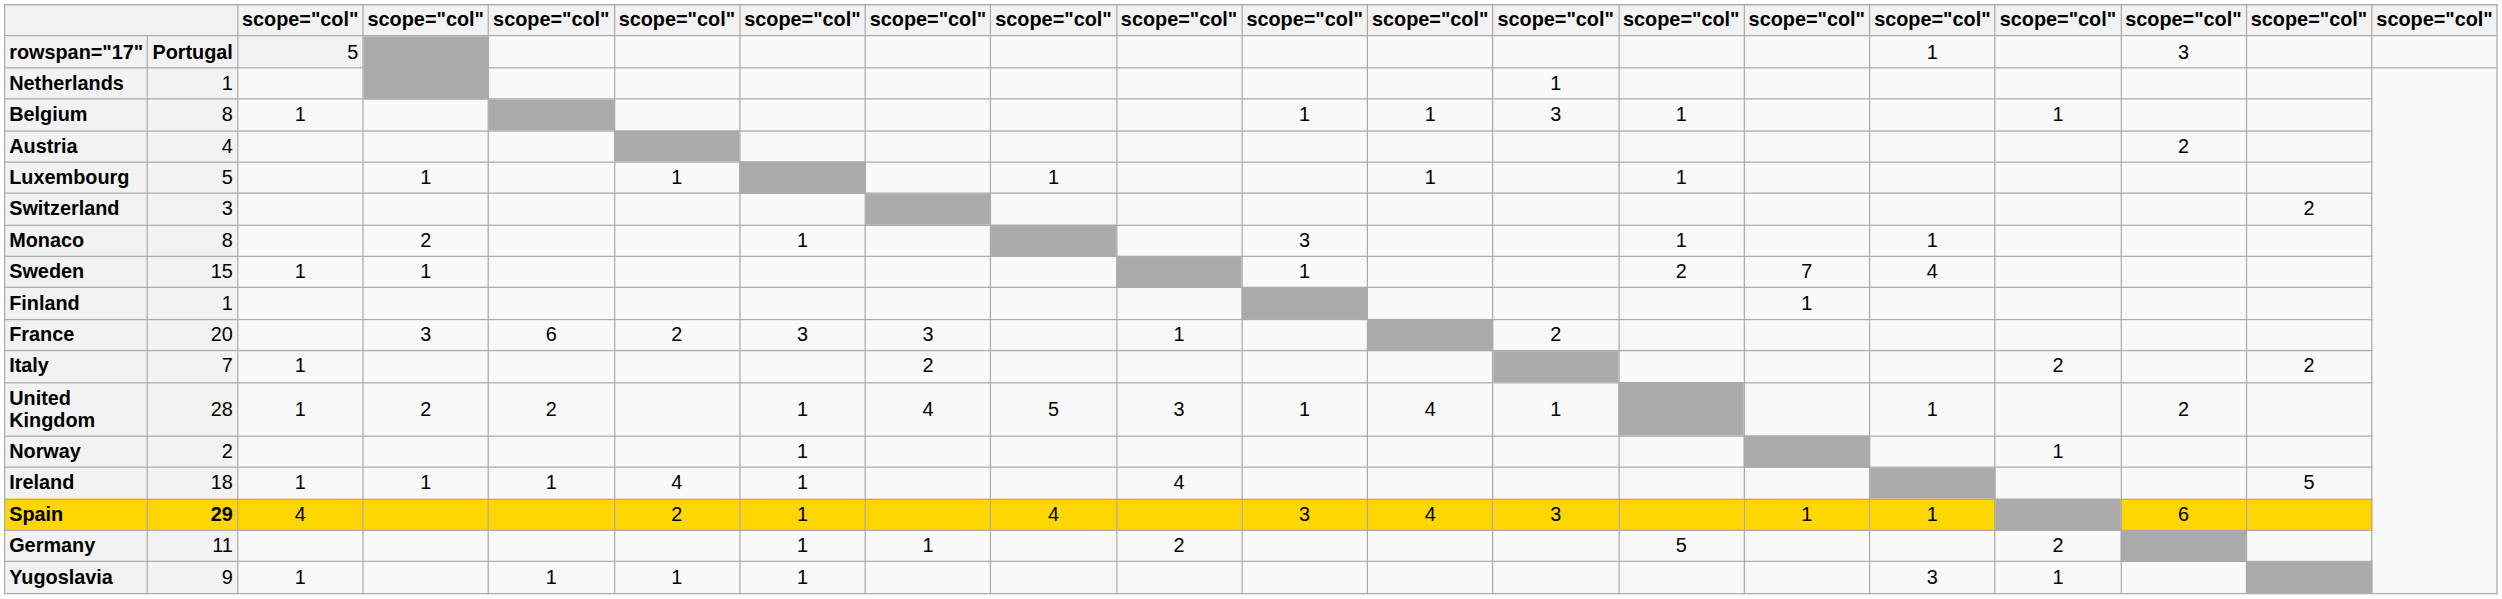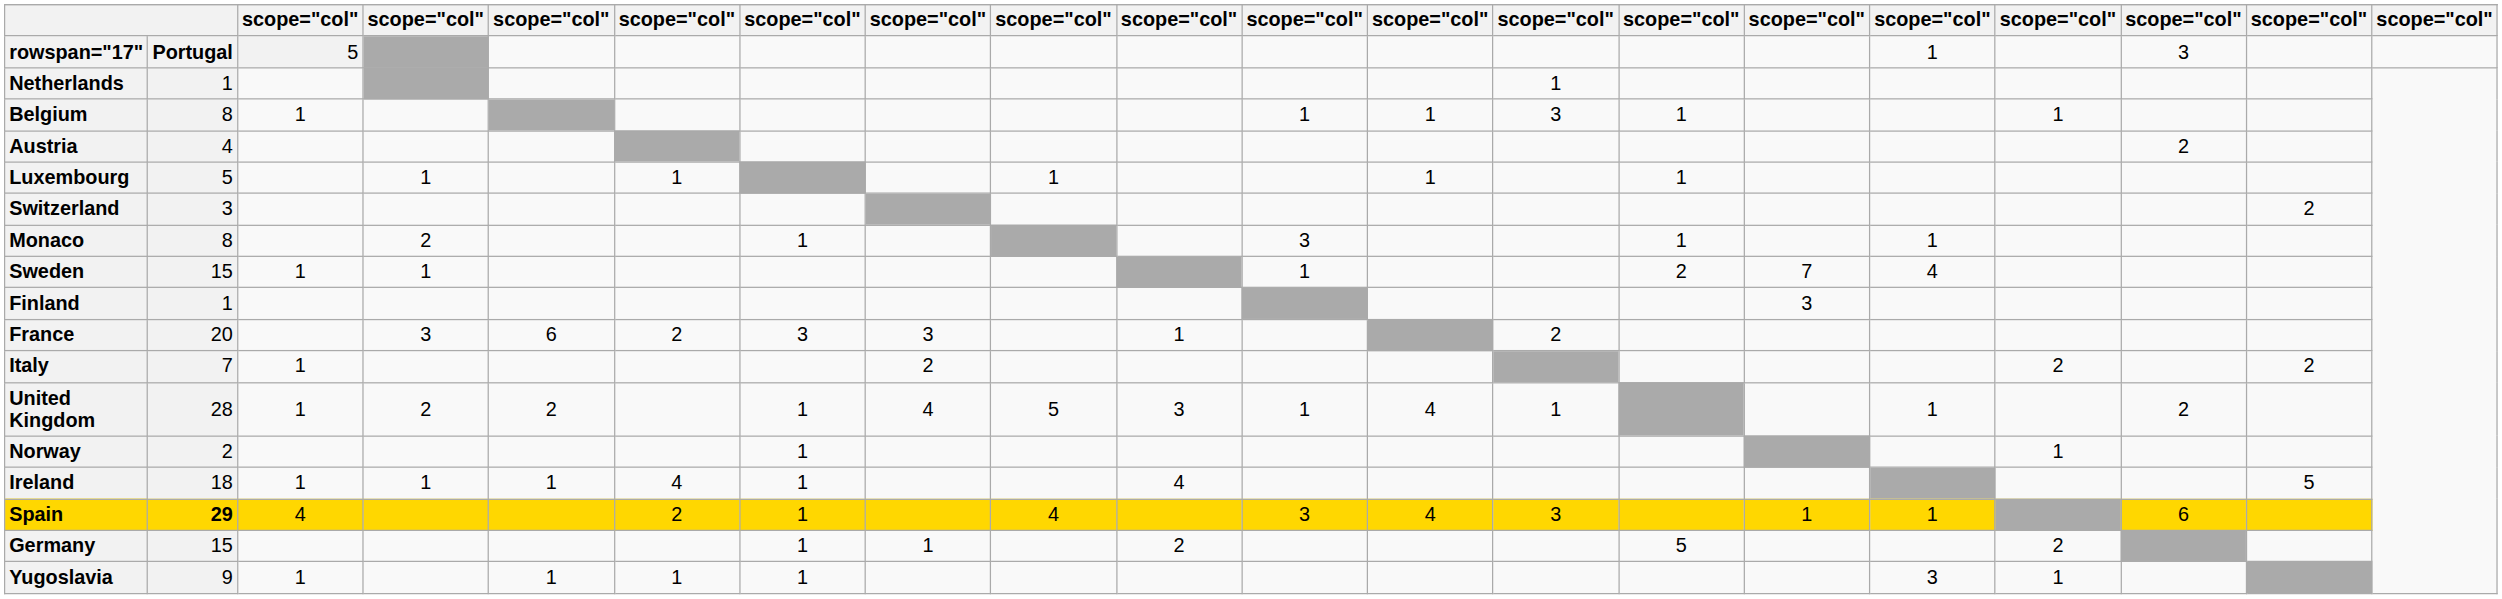 <table class="wikitable plainrowheaders" style="text-align:center;">
 <tr>
 </tr>
 <tr>
 <th colspan="2"></th>
 <th>scope="col" </th>
 <th>scope="col" </th>
 <th>scope="col" </th>
 <th>scope="col" </th>
 <th>scope="col" </th>
 <th>scope="col" </th>
 <th>scope="col" </th>
 <th>scope="col" </th>
 <th>scope="col" </th>
 <th>scope="col" </th>
 <th>scope="col" </th>
 <th>scope="col" </th>
 <th>scope="col" </th>
 <th>scope="col" </th>
 <th>scope="col" </th>
 <th>scope="col" </th>
 <th>scope="col" </th>
 <th>scope="col" </th>
 </tr>
 <tr>
 <th>rowspan="17" </th>
 <th scope="row" style="text-align:left; background:#f2f2f2;">Portugal</th>
 <td style="text-align:right; background:#f2f2f2;">5</td>
 <td style="text-align:left; background:#AAAAAA;"></td>
 <td></td>
 <td></td>
 <td></td>
 <td></td>
 <td></td>
 <td></td>
 <td></td>
 <td></td>
 <td></td>
 <td></td>
 <td></td>
 <td>1</td>
 <td></td>
 <td>3</td>
 <td></td>
 <td></td>
 </tr>
 <tr>
 <th scope="row" style="text-align:left; background:#f2f2f2;">Netherlands</th>
 <td style="text-align:right; background:#f2f2f2;">1</td>
 <td></td>
 <td style="text-align:left; background:#AAAAAA;"></td>
 <td></td>
 <td></td>
 <td></td>
 <td></td>
 <td></td>
 <td></td>
 <td></td>
 <td></td>
 <td>1</td>
 <td></td>
 <td></td>
 <td></td>
 <td></td>
 <td></td>
 <td></td>
 </tr>
 <tr>
 <th scope="row" style="text-align:left; background:#f2f2f2;">Belgium</th>
 <td style="text-align:right; background:#f2f2f2;">8</td>
 <td>1</td>
 <td></td>
 <td style="text-align:left; background:#AAAAAA;"></td>
 <td></td>
 <td></td>
 <td></td>
 <td></td>
 <td></td>
 <td>1</td>
 <td>1</td>
 <td>3</td>
 <td>1</td>
 <td></td>
 <td></td>
 <td>1</td>
 <td></td>
 <td></td>
 </tr>
 <tr>
 <th scope="row" style="text-align:left; background:#f2f2f2;">Austria</th>
 <td style="text-align:right; background:#f2f2f2;">4</td>
 <td></td>
 <td></td>
 <td></td>
 <td style="text-align:left; background:#AAAAAA;"></td>
 <td></td>
 <td></td>
 <td></td>
 <td></td>
 <td></td>
 <td></td>
 <td></td>
 <td></td>
 <td></td>
 <td></td>
 <td></td>
 <td>2</td>
 <td></td>
 </tr>
 <tr>
 <th scope="row" style="text-align:left; background:#f2f2f2;">Luxembourg</th>
 <td style="text-align:right; background:#f2f2f2;">5</td>
 <td></td>
 <td>1</td>
 <td></td>
 <td>1</td>
 <td style="text-align:left; background:#AAAAAA;"></td>
 <td></td>
 <td>1</td>
 <td></td>
 <td></td>
 <td>1</td>
 <td></td>
 <td>1</td>
 <td></td>
 <td></td>
 <td></td>
 <td></td>
 <td></td>
 </tr>
 <tr>
 <th scope="row" style="text-align:left; background:#f2f2f2;">Switzerland</th>
 <td style="text-align:right; background:#f2f2f2;">3</td>
 <td></td>
 <td></td>
 <td></td>
 <td></td>
 <td></td>
 <td style="text-align:left; background:#AAAAAA;"></td>
 <td></td>
 <td></td>
 <td></td>
 <td></td>
 <td></td>
 <td></td>
 <td></td>
 <td></td>
 <td></td>
 <td></td>
 <td>2</td>
 </tr>
 <tr>
 <th scope="row" style="text-align:left; background:#f2f2f2;">Monaco</th>
 <td style="text-align:right; background:#f2f2f2;">8</td>
 <td></td>
 <td>2</td>
 <td></td>
 <td></td>
 <td>1</td>
 <td></td>
 <td style="text-align:left; background:#AAAAAA;"></td>
 <td></td>
 <td>3</td>
 <td></td>
 <td></td>
 <td>1</td>
 <td></td>
 <td>1</td>
 <td></td>
 <td></td>
 <td></td>
 </tr>
 <tr>
 <th scope="row" style="text-align:left; background:#f2f2f2;">Sweden</th>
 <td style="text-align:right; background:#f2f2f2;">15</td>
 <td>1</td>
 <td>1</td>
 <td></td>
 <td></td>
 <td></td>
 <td></td>
 <td></td>
 <td style="text-align:left; background:#AAAAAA;"></td>
 <td>1</td>
 <td></td>
 <td></td>
 <td>2</td>
 <td>7</td>
 <td>4</td>
 <td></td>
 <td></td>
 <td></td>
 </tr>
 <tr>
 <th scope="row" style="text-align:left; background:#f2f2f2;">Finland</th>
 <td style="text-align:right; background:#f2f2f2;">1</td>
 <td></td>
 <td></td>
 <td></td>
 <td></td>
 <td></td>
 <td></td>
 <td></td>
 <td></td>
 <td style="text-align:left; background:#AAAAAA;"></td>
 <td></td>
 <td></td>
 <td></td>
-<td>1</td>
+<td>3</td>
 <td></td>
 <td></td>
 <td></td>
 <td></td>
 </tr>
 <tr>
 <th scope="row" style="text-align:left; background:#f2f2f2;">France</th>
 <td style="text-align:right; background:#f2f2f2;">20</td>
 <td></td>
 <td>3</td>
 <td>6</td>
 <td>2</td>
 <td>3</td>
 <td>3</td>
 <td></td>
 <td>1</td>
 <td></td>
 <td style="text-align:left; background:#AAAAAA;"></td>
 <td>2</td>
 <td></td>
 <td></td>
 <td></td>
 <td></td>
 <td></td>
 <td></td>
 </tr>
 <tr>
 <th scope="row" style="text-align:left; background:#f2f2f2;">Italy</th>
 <td style="text-align:right; background:#f2f2f2;">7</td>
 <td>1</td>
 <td></td>
 <td></td>
 <td></td>
 <td></td>
 <td>2</td>
 <td></td>
 <td></td>
 <td></td>
 <td></td>
 <td style="text-align:left; background:#AAAAAA;"></td>
 <td></td>
 <td></td>
 <td></td>
 <td>2</td>
 <td></td>
 <td>2</td>
 </tr>
 <tr>
 <th scope="row" style="text-align:left; background:#f2f2f2;">United Kingdom</th>
 <td style="text-align:right; background:#f2f2f2;">28</td>
 <td>1</td>
 <td>2</td>
 <td>2</td>
 <td></td>
 <td>1</td>
 <td>4</td>
 <td>5</td>
 <td>3</td>
 <td>1</td>
 <td>4</td>
 <td>1</td>
 <td style="text-align:left; background:#AAAAAA;"></td>
 <td></td>
 <td>1</td>
 <td></td>
 <td>2</td>
 <td></td>
 </tr>
 <tr>
 <th scope="row" style="text-align:left; background:#f2f2f2;">Norway</th>
 <td style="text-align:right; background:#f2f2f2;">2</td>
 <td></td>
 <td></td>
 <td></td>
 <td></td>
 <td>1</td>
 <td></td>
 <td></td>
 <td></td>
 <td></td>
 <td></td>
 <td></td>
 <td></td>
 <td style="text-align:left; background:#AAAAAA;"></td>
 <td></td>
 <td>1</td>
 <td></td>
 <td></td>
 </tr>
 <tr>
 <th scope="row" style="text-align:left; background:#f2f2f2;">Ireland</th>
 <td style="text-align:right; background:#f2f2f2;">18</td>
 <td>1</td>
 <td>1</td>
 <td>1</td>
 <td>4</td>
 <td>1</td>
 <td></td>
 <td></td>
 <td>4</td>
 <td></td>
 <td></td>
 <td></td>
 <td></td>
 <td></td>
 <td style="text-align:left; background:#AAAAAA;"></td>
 <td></td>
 <td></td>
 <td>5</td>
 </tr>
 <tr style="background:gold;">
 <th scope="row" style="text-align:left; font-weight:bold; background:gold;">Spain</th>
 <td style="text-align:right; font-weight:bold;">29</td>
 <td>4</td>
 <td></td>
 <td></td>
 <td>2</td>
 <td>1</td>
 <td></td>
 <td>4</td>
 <td></td>
 <td>3</td>
 <td>4</td>
 <td>3</td>
 <td></td>
 <td>1</td>
 <td>1</td>
 <td style="text-align:left; background:#AAAAAA;"></td>
 <td>6</td>
 <td></td>
 </tr>
 <tr>
 <th scope="row" style="text-align:left; background:#f2f2f2;">Germany</th>
-<td style="text-align:right; background:#f2f2f2;">11</td>
+<td style="text-align:right; background:#f2f2f2;">15</td>
 <td></td>
 <td></td>
 <td></td>
 <td></td>
 <td>1</td>
 <td>1</td>
 <td></td>
 <td>2</td>
 <td></td>
 <td></td>
 <td></td>
 <td>5</td>
 <td></td>
 <td></td>
 <td>2</td>
 <td style="text-align:left; background:#AAAAAA;"></td>
 <td></td>
 </tr>
 <tr>
 <th scope="row" style="text-align:left; background:#f2f2f2;">Yugoslavia</th>
 <td style="text-align:right; background:#f2f2f2;">9</td>
 <td>1</td>
 <td></td>
 <td>1</td>
 <td>1</td>
 <td>1</td>
 <td></td>
 <td></td>
 <td></td>
 <td></td>
 <td></td>
 <td></td>
 <td></td>
 <td></td>
 <td>3</td>
 <td>1</td>
 <td></td>
 <td style="text-align:left; background:#AAAAAA;"></td>
 </tr>
 </table>
